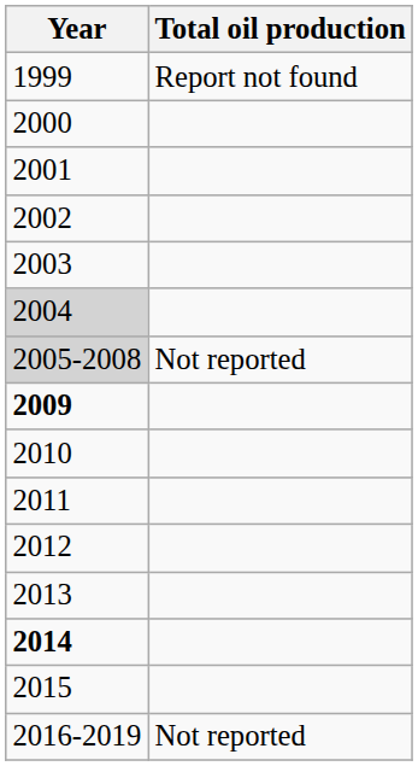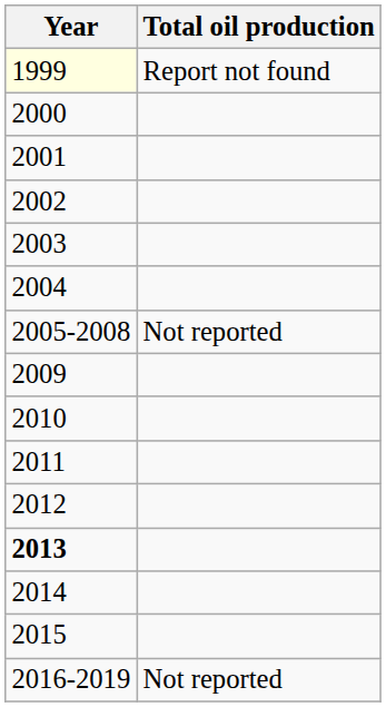 <table class="wikitable">
 <tr>
 <th>Year</th>
 <th colspan=2>Total oil production</th>
 </tr>
 <tr>
-<td>1999</td>
+<td style="background: lightyellow;">1999</td>
 <td colspan=2>Report not found</td>
 </tr>
 <tr>
 <td>2000</td>
 <td></td>
 </tr>
 <tr>
 <td>2001</td>
 <td></td>
 </tr>
 <tr>
 <td>2002</td>
 <td></td>
 </tr>
 <tr>
 <td>2003</td>
 <td></td>
 </tr>
 <tr>
-<td style="background: lightgrey;">2004</td>
+<td>2004</td>
 <td></td>
 </tr>
 <tr>
-<td style="background: lightgrey;">2005-2008</td>
+<td>2005-2008</td>
 <td colspan=2>Not reported</td>
 </tr>
 <tr>
-<td><strong>2009</strong></td>
+<td>2009</td>
 <td></td>
 </tr>
 <tr>
 <td>2010</td>
 <td></td>
 </tr>
 <tr>
 <td>2011</td>
 <td></td>
 </tr>
 <tr>
 <td>2012</td>
 <td></td>
 </tr>
 <tr>
-<td>2013</td>
+<td><strong>2013</strong></td>
 <td></td>
 </tr>
 <tr>
-<td><strong>2014</strong></td>
+<td>2014</td>
 <td></td>
 </tr>
 <tr>
 <td>2015</td>
 <td></td>
 </tr>
 <tr>
 <td>2016-2019</td>
 <td colspan=2>Not reported</td>
 </tr>
 </table>
